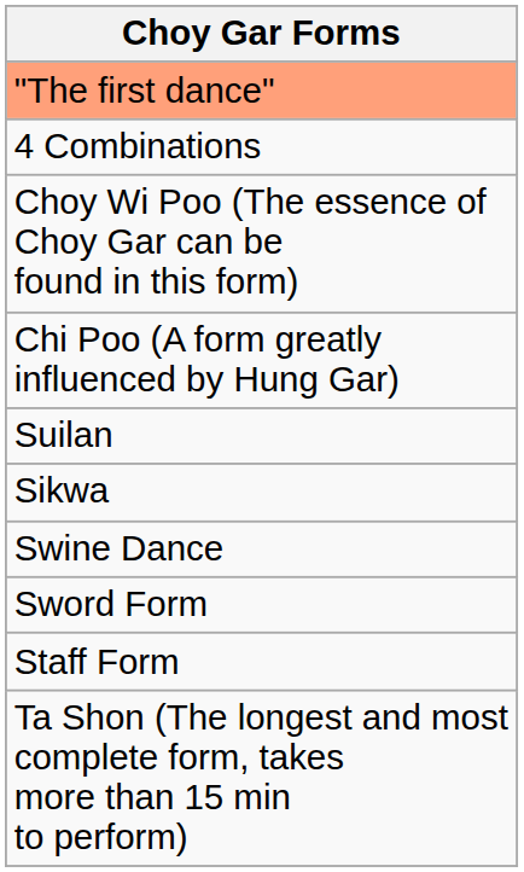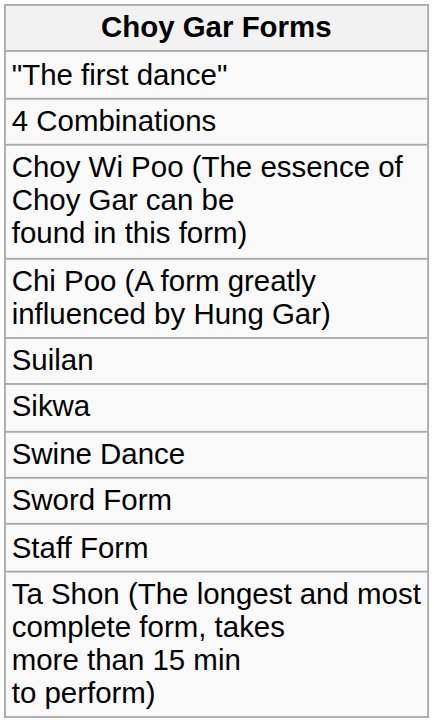 <table class="wikitable">
 <tr>
 <th>Choy Gar Forms</th>
 </tr>
 <tr>
-<td style="background: lightsalmon;">"The first dance"</td>
+<td>"The first dance"</td>
 </tr>
 <tr>
 <td>4 Combinations</td>
 </tr>
 <tr>
 <td>Choy Wi Poo (The essence of <br>Choy Gar can be <br>found in this form)</td>
 </tr>
 <tr>
 <td>Chi Poo (A form greatly <br>influenced by Hung Gar)</td>
 </tr>
 <tr>
 <td>Suilan</td>
 </tr>
 <tr>
 <td>Sikwa</td>
 </tr>
 <tr>
 <td>Swine Dance</td>
 </tr>
 <tr>
 <td>Sword Form</td>
 </tr>
 <tr>
 <td>Staff Form</td>
 </tr>
 <tr>
 <td>Ta Shon (The longest and most <br>complete form, takes<br> more than 15 min<br> to perform)</td>
 </tr>
 </table>
